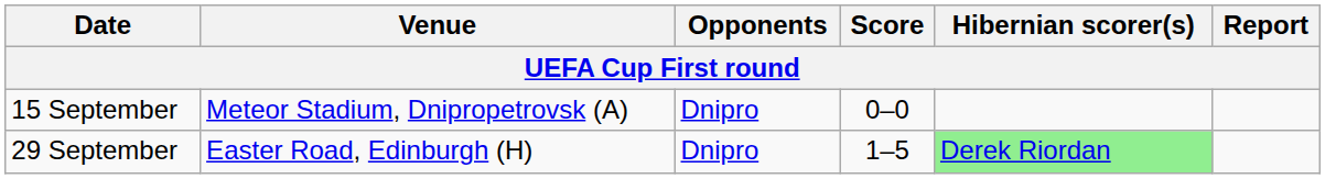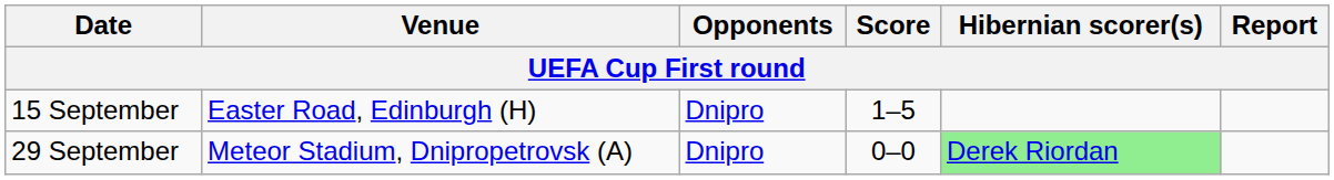 <table class="wikitable" width=90%>
 <tr>
 <th>Date</th>
 <th>Venue</th>
 <th>Opponents</th>
 <th>Score</th>
 <th>Hibernian scorer(s)</th>
 <th>Report</th>
 </tr>
 <tr>
 <th colspan=7><a href='#'>UEFA Cup First round</a></th>
 </tr>
 <tr>
 <td>15 September</td>
-<td><a href='#'>Meteor Stadium</a>, <a href='#'>Dnipropetrovsk</a> (A)</td>
+<td><a href='#'>Easter Road</a>, <a href='#'>Edinburgh</a> (H)</td>
 <td> <a href='#'>Dnipro</a></td>
-<td align=center>0–0</td>
+<td align=center>1–5</td>
 <td></td>
 <td></td>
 </tr>
 <tr>
 <td>29 September</td>
-<td><a href='#'>Easter Road</a>, <a href='#'>Edinburgh</a> (H)</td>
+<td><a href='#'>Meteor Stadium</a>, <a href='#'>Dnipropetrovsk</a> (A)</td>
 <td> <a href='#'>Dnipro</a></td>
-<td align=center>1–5</td>
+<td align=center>0–0</td>
 <td style="background: lightgreen;"><a href='#'>Derek Riordan</a></td>
 <td></td>
 </tr>
 </table>
